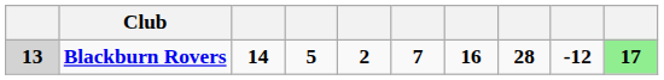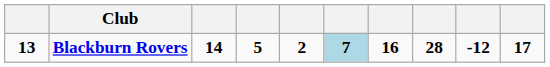 <table class="wikitable" style="text-align:center;border:1px solid #AAAAAA;font-size:90%">
 <tr>
 <th width=30></th>
 <th>Club</th>
 <th width=30></th>
 <th width=30></th>
 <th width=30></th>
 <th width=30></th>
 <th width=30></th>
 <th width=30></th>
 <th width=30></th>
 <th width=30></th>
 </tr>
 <tr>
-<td style="background: lightgrey;"><strong>13</strong></td>
+<td><strong>13</strong></td>
 <td align=left><strong><a href='#'>Blackburn Rovers</a></strong></td>
 <td><strong>14</strong></td>
 <td><strong>5</strong></td>
 <td><strong>2</strong></td>
-<td><strong>7</strong></td>
+<td style="background: lightblue;"><strong>7</strong></td>
 <td><strong>16</strong></td>
 <td><strong>28</strong></td>
 <td><strong>-12</strong></td>
-<td style="background: lightgreen;"><strong>17</strong></td>
+<td><strong>17</strong></td>
 </tr>
 </table>
